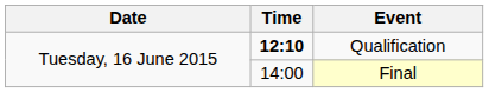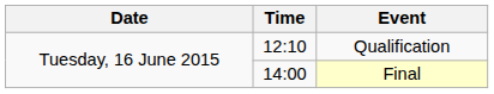 <table class = "wikitable" style="text-align:center;">
 <tr>
 <th width=220>Date</th>
 <th width=50>Time</th>
 <th width=150>Event</th>
 </tr>
 <tr>
 <td rowspan=2>Tuesday, 16 June 2015</td>
-<td><strong>12:10</strong></td>
+<td>12:10</td>
 <td>Qualification</td>
 </tr>
 <tr>
 <td>14:00</td>
 <td bgcolor=ffffcc>Final</td>
 </tr>
 </table>
